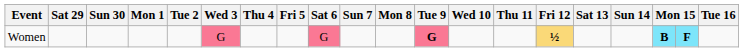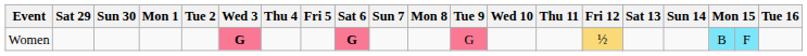 <table class="wikitable" style="margin:0.5em auto; font-size:90%; line-height:1.25em; text-align:center">
 <tr>
 <th>Event</th>
 <th>Sat 29</th>
 <th>Sun 30</th>
 <th>Mon 1</th>
 <th>Tue 2</th>
 <th>Wed 3</th>
 <th>Thu 4</th>
 <th>Fri 5</th>
 <th>Sat 6</th>
 <th>Sun 7</th>
 <th>Mon 8</th>
 <th>Tue 9</th>
 <th>Wed 10</th>
 <th>Thu 11</th>
 <th>Fri 12</th>
 <th>Sat 13</th>
 <th>Sun 14</th>
 <th colspan=2>Mon 15</th>
 <th colspan="2">Tue 16</th>
 </tr>
 <tr>
 <td>Women</td>
 <td></td>
 <td></td>
 <td></td>
 <td></td>
-<td bgcolor="#FA7894">G</td>
+<td bgcolor="#FA7894"><strong>G</strong></td>
+<td></td>
+<td></td>
+<td bgcolor="#FA7894"><strong>G</strong></td>
 <td></td>
 <td></td>
 <td bgcolor="#FA7894">G</td>
 <td></td>
 <td></td>
-<td bgcolor="#FA7894"><strong>G</strong></td>
+<td bgcolor="#FAD978">½</td>
 <td></td>
 <td></td>
-<td bgcolor="#FAD978"><strong>½</strong></td>
-<td></td>
-<td></td>
-<td bgcolor="#7DE5FA"><strong>B</strong></td>
-<td bgcolor="#7DE5FA"><strong>F</strong></td>
+<td bgcolor="#7DE5FA">B</td>
+<td bgcolor="#7DE5FA">F</td>
 <td></td>
 </tr>
 </table>
